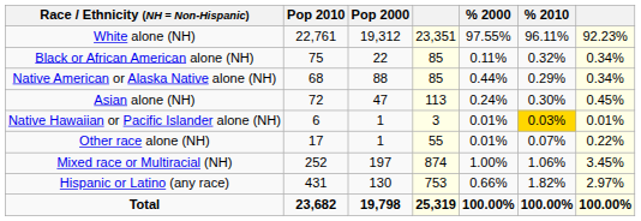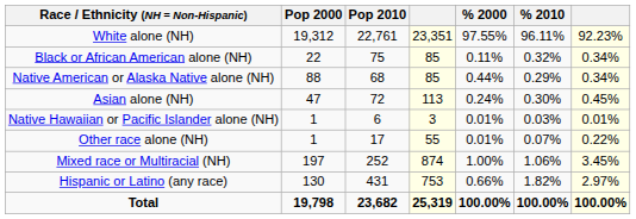 <table class="wikitable" style="text-align:center;">
 <tr>
 <th>Race / Ethnicity <small>(<em>NH = Non-Hispanic</em>)</small></th>
+<th>Pop 2000</th>
 <th>Pop 2010</th>
-<th>Pop 2000</th>
 <th></th>
 <th>% 2000</th>
 <th>% 2010</th>
 <th></th>
 </tr>
 <tr>
 <td><a href='#'>White</a> alone (NH)</td>
+<td>19,312</td>
 <td>22,761</td>
-<td>19,312</td>
 <td style='background: #ffffe6;'>23,351</td>
 <td>97.55%</td>
 <td>96.11%</td>
 <td style='background: #ffffe6;'>92.23%</td>
 </tr>
 <tr>
 <td><a href='#'>Black or African American</a> alone (NH)</td>
+<td>22</td>
 <td>75</td>
-<td>22</td>
 <td style='background: #ffffe6;'>85</td>
 <td>0.11%</td>
 <td>0.32%</td>
 <td style='background: #ffffe6;'>0.34%</td>
 </tr>
 <tr>
 <td><a href='#'>Native American</a> or <a href='#'>Alaska Native</a> alone (NH)</td>
+<td>88</td>
 <td>68</td>
-<td>88</td>
 <td style='background: #ffffe6;'>85</td>
 <td>0.44%</td>
 <td>0.29%</td>
 <td style='background: #ffffe6;'>0.34%</td>
 </tr>
 <tr>
 <td><a href='#'>Asian</a> alone (NH)</td>
+<td>47</td>
 <td>72</td>
-<td>47</td>
 <td style='background: #ffffe6;'>113</td>
 <td>0.24%</td>
 <td>0.30%</td>
 <td style='background: #ffffe6;'>0.45%</td>
 </tr>
 <tr>
 <td><a href='#'>Native Hawaiian</a> or <a href='#'>Pacific Islander</a> alone (NH)</td>
+<td>1</td>
 <td>6</td>
-<td>1</td>
 <td style='background: #ffffe6;'>3</td>
 <td>0.01%</td>
-<td style="background: gold;">0.03%</td>
+<td>0.03%</td>
 <td style='background: #ffffe6;'>0.01%</td>
 </tr>
 <tr>
 <td><a href='#'>Other race</a> alone (NH)</td>
+<td>1</td>
 <td>17</td>
-<td>1</td>
 <td style='background: #ffffe6;'>55</td>
 <td>0.01%</td>
 <td>0.07%</td>
 <td style='background: #ffffe6;'>0.22%</td>
 </tr>
 <tr>
 <td><a href='#'>Mixed race or Multiracial</a> (NH)</td>
+<td>197</td>
 <td>252</td>
-<td>197</td>
 <td style='background: #ffffe6;'>874</td>
 <td>1.00%</td>
 <td>1.06%</td>
 <td style='background: #ffffe6;'>3.45%</td>
 </tr>
 <tr>
 <td><a href='#'>Hispanic or Latino</a> (any race)</td>
+<td>130</td>
 <td>431</td>
-<td>130</td>
 <td style='background: #ffffe6;'>753</td>
 <td>0.66%</td>
 <td>1.82%</td>
 <td style='background: #ffffe6;'>2.97%</td>
 </tr>
 <tr>
 <td><strong>Total</strong></td>
+<td><strong>19,798</strong></td>
 <td><strong>23,682</strong></td>
-<td><strong>19,798</strong></td>
 <td style='background: #ffffe6;'><strong>25,319</strong></td>
 <td><strong>100.00%</strong></td>
 <td><strong>100.00%</strong></td>
 <td style='background: #ffffe6;'><strong>100.00%</strong></td>
 </tr>
 </table>
